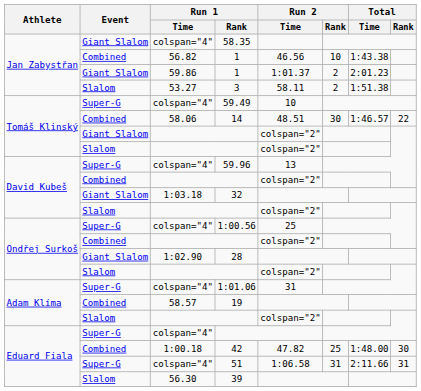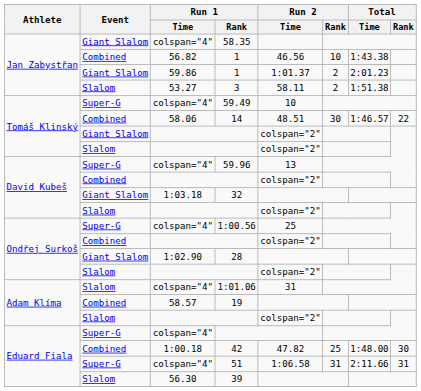 <table class="wikitable" style="font-size:90%">
 <tr>
 <th rowspan=2>Athlete</th>
 <th rowspan=2>Event</th>
 <th colspan=2>Run 1</th>
 <th colspan=2>Run 2</th>
 <th colspan=2>Total</th>
 </tr>
 <tr style="font-size:95%">
 <th>Time</th>
 <th>Rank</th>
 <th>Time</th>
 <th>Rank</th>
 <th>Time</th>
 <th>Rank</th>
 </tr>
 <tr align=center>
 <td rowspan="4" align="left"><a href='#'>Jan Zabystřan</a></td>
 <td align="left"><a href='#'>Giant Slalom</a></td>
 <td>colspan="4"</td>
 <td>58.35</td>
 <td></td>
 </tr>
 <tr align=center>
 <td align="left"><a href='#'>Combined</a></td>
 <td>56.82</td>
 <td>1</td>
 <td>46.56</td>
 <td>10</td>
 <td>1:43.38</td>
 <td></td>
 </tr>
 <tr align=center>
 <td align="left"><a href='#'>Giant Slalom</a></td>
 <td>59.86</td>
 <td>1</td>
 <td>1:01.37</td>
 <td>2</td>
 <td>2:01.23</td>
 <td></td>
 </tr>
 <tr align=center>
 <td align="left"><a href='#'>Slalom</a></td>
 <td>53.27</td>
 <td>3</td>
 <td>58.11</td>
 <td>2</td>
 <td>1:51.38</td>
 <td></td>
 </tr>
 <tr align=center>
 <td rowspan="4" align="left"><a href='#'>Tomáš Klinský</a></td>
 <td align="left"><a href='#'>Super-G</a></td>
 <td>colspan="4"</td>
 <td>59.49</td>
 <td>10</td>
 </tr>
 <tr align=center>
 <td align="left"><a href='#'>Combined</a></td>
 <td>58.06</td>
 <td>14</td>
 <td>48.51</td>
 <td>30</td>
 <td>1:46.57</td>
 <td>22</td>
 </tr>
 <tr align=center>
 <td align="left"><a href='#'>Giant Slalom</a></td>
 <td colspan="2"></td>
 <td>colspan="2" </td>
 <td colspan="2"></td>
 </tr>
 <tr align=center>
 <td align="left"><a href='#'>Slalom</a></td>
 <td colspan="2"></td>
 <td>colspan="2" </td>
 <td colspan="2"></td>
 </tr>
 <tr align=center>
 <td rowspan="4" align="left"><a href='#'>David Kubeš</a></td>
 <td align="left"><a href='#'>Super-G</a></td>
 <td>colspan="4"</td>
 <td>59.96</td>
 <td>13</td>
 </tr>
 <tr align=center>
 <td align="left"><a href='#'>Combined</a></td>
 <td colspan="2"></td>
 <td>colspan="2"</td>
 <td colspan="2"></td>
 </tr>
 <tr align=center>
 <td align="left"><a href='#'>Giant Slalom</a></td>
 <td>1:03.18</td>
 <td>32</td>
 <td colspan="2"></td>
 <td colspan="2"></td>
 </tr>
 <tr align=center>
 <td align="left"><a href='#'>Slalom</a></td>
 <td colspan="2"></td>
 <td>colspan="2" </td>
 <td colspan="2"></td>
 </tr>
 <tr align=center>
 <td rowspan="4" align="left"><a href='#'>Ondřej Surkoš</a></td>
 <td align="left"><a href='#'>Super-G</a></td>
 <td>colspan="4"</td>
 <td>1:00.56</td>
 <td>25</td>
 </tr>
 <tr align=center>
 <td align="left"><a href='#'>Combined</a></td>
 <td colspan="2"></td>
 <td>colspan="2"</td>
 <td colspan="2"></td>
 </tr>
 <tr align=center>
 <td align="left"><a href='#'>Giant Slalom</a></td>
 <td>1:02.90</td>
 <td>28</td>
 <td colspan="2"></td>
 <td colspan="2"></td>
 </tr>
 <tr align=center>
 <td align="left"><a href='#'>Slalom</a></td>
 <td colspan="2"></td>
 <td>colspan="2"</td>
 <td colspan="2"></td>
 </tr>
 <tr align=center>
 <td rowspan="3" align="left"><a href='#'>Adam Klíma</a></td>
-<td align="left"><a href='#'>Super-G</a></td>
+<td align="left"><a href='#'>Slalom</a></td>
 <td>colspan="4"</td>
 <td>1:01.06</td>
 <td>31</td>
 </tr>
 <tr align=center>
 <td align="left"><a href='#'>Combined</a></td>
 <td>58.57</td>
 <td>19</td>
 <td colspan="2"></td>
 <td colspan="2"></td>
 </tr>
 <tr align=center>
 <td align="left"><a href='#'>Slalom</a></td>
 <td colspan="2"></td>
 <td>colspan="2"</td>
 <td colspan="2"></td>
 </tr>
 <tr align=center>
 <td rowspan="4" align="left"><a href='#'>Eduard Fiala</a></td>
 <td align="left"><a href='#'>Super-G</a></td>
 <td>colspan="4"</td>
 <td colspan="2"></td>
 </tr>
 <tr align=center>
 <td align="left"><a href='#'>Combined</a></td>
 <td>1:00.18</td>
 <td>42</td>
 <td>47.82</td>
 <td>25</td>
 <td>1:48.00</td>
 <td>30</td>
 </tr>
 <tr align=center>
 <td align="left"><a href='#'>Super-G</a></td>
 <td>colspan="4"</td>
 <td>51</td>
 <td>1:06.58</td>
 <td>31</td>
 <td>2:11.66</td>
 <td>31</td>
 </tr>
 <tr align=center>
 <td align="left"><a href='#'>Slalom</a></td>
 <td>56.30</td>
 <td>39</td>
 <td colspan="2"></td>
 <td colspan="2"></td>
 </tr>
 </table>
